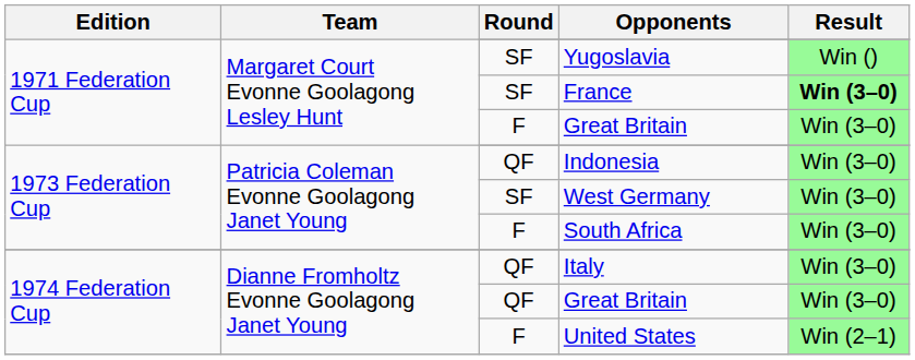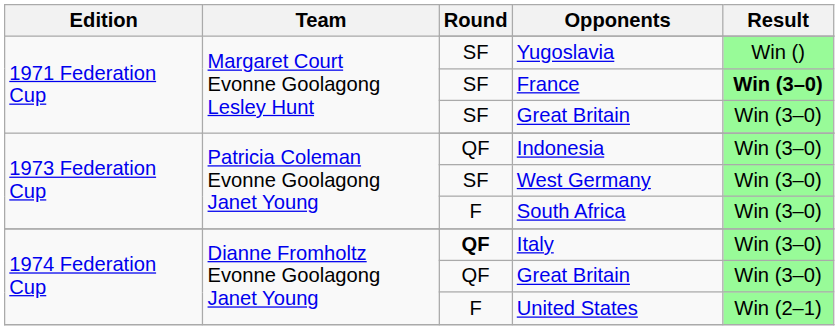 <table class=wikitable>
 <tr>
 <th style="width:150px">Edition</th>
 <th style="width:180px">Team</th>
 <th style="width:50px">Round</th>
 <th style="width:160px">Opponents</th>
 <th style="width:80px">Result</th>
 </tr>
 <tr>
 <td rowspan=4><a href='#'>1971 Federation Cup</a></td>
 <td rowspan=4><a href='#'>Margaret Court</a><br> Evonne Goolagong<br> <a href='#'>Lesley Hunt</a></td>
 </tr>
 <tr>
 <td style="text-align:center;">SF</td>
 <td> <a href='#'>Yugoslavia</a></td>
 <td style="text-align:center; background:#98fb98;">Win ()</td>
 </tr>
 <tr>
 <td style="text-align:center;">SF</td>
 <td> <a href='#'>France</a></td>
 <td style="text-align:center; background:#98fb98;"><strong>Win (3–0)</strong></td>
 </tr>
 <tr>
-<td style="text-align:center;">F</td>
+<td style="text-align:center;">SF</td>
 <td> <a href='#'>Great Britain</a></td>
 <td style="text-align:center; background:#98fb98;">Win (3–0)</td>
 </tr>
 <tr>
 <td rowspan=4><a href='#'>1973 Federation Cup</a></td>
 <td rowspan=4><a href='#'>Patricia Coleman</a><br> Evonne Goolagong<br> <a href='#'>Janet Young</a></td>
 </tr>
 <tr>
 <td style="text-align:center;">QF</td>
 <td> <a href='#'>Indonesia</a></td>
 <td style="text-align:center; background:#98fb98;">Win (3–0)</td>
 </tr>
 <tr>
 <td style="text-align:center;">SF</td>
 <td> <a href='#'>West Germany</a></td>
 <td style="text-align:center; background:#98fb98;">Win (3–0)</td>
 </tr>
 <tr>
 <td style="text-align:center;">F</td>
 <td> <a href='#'>South Africa</a></td>
 <td style="text-align:center; background:#98fb98;">Win (3–0)</td>
 </tr>
 <tr style="background:#ccf;">
 </tr>
 <tr>
 <td rowspan=4><a href='#'>1974 Federation Cup</a></td>
 <td rowspan=4><a href='#'>Dianne Fromholtz</a><br> Evonne Goolagong<br> <a href='#'>Janet Young</a></td>
 </tr>
 <tr>
-<td style="text-align:center;">QF</td>
+<td style="text-align:center;"><strong>QF</strong></td>
 <td> <a href='#'>Italy</a></td>
 <td style="text-align:center; background:#98fb98;">Win (3–0)</td>
 </tr>
 <tr>
 <td style="text-align:center;">QF</td>
 <td> <a href='#'>Great Britain</a></td>
 <td style="text-align:center; background:#98fb98;">Win (3–0)</td>
 </tr>
 <tr>
 <td style="text-align:center;">F</td>
 <td> <a href='#'>United States</a></td>
 <td style="text-align:center; background:#98fb98;">Win (2–1)</td>
 </tr>
 <tr style="background:#ccf;">
 </tr>
 </table>
